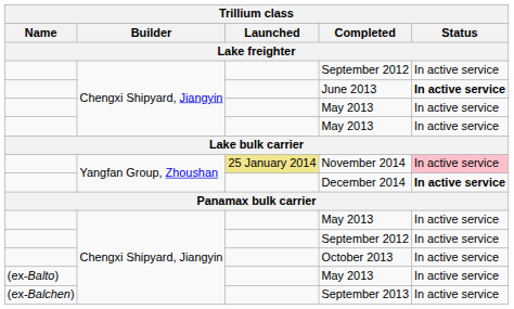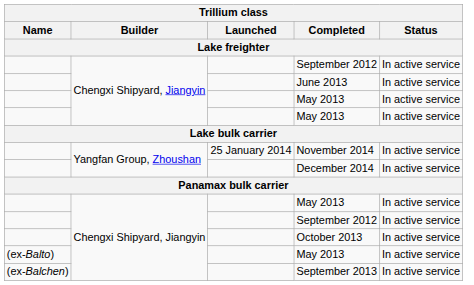 <table border="1" class="wikitable collapsible">
 <tr>
 <th colspan=6>Trillium class</th>
 </tr>
 <tr>
 <th scope="col">Name</th>
 <th scope="col">Builder</th>
 <th scope="col">Launched</th>
 <th scope="col">Completed</th>
 <th scope="col">Status</th>
 </tr>
 <tr>
 <th colspan=6>Lake freighter</th>
 </tr>
 <tr>
 <td></td>
 <td rowspan=4>Chengxi Shipyard, <a href='#'>Jiangyin</a></td>
 <td></td>
 <td>September 2012</td>
 <td>In active service</td>
 </tr>
 <tr>
 <td></td>
 <td></td>
 <td>June 2013</td>
-<td><strong>In active service</strong></td>
+<td>In active service</td>
 </tr>
 <tr>
 <td></td>
 <td></td>
 <td>May 2013</td>
 <td>In active service</td>
 </tr>
 <tr>
 <td></td>
 <td></td>
 <td>May 2013</td>
 <td>In active service</td>
 </tr>
 <tr>
 <th colspan=6>Lake bulk carrier</th>
 </tr>
 <tr>
 <td></td>
 <td rowspan=2>Yangfan Group, <a href='#'>Zhoushan</a></td>
-<td style="background: khaki;">25 January 2014</td>
+<td>25 January 2014</td>
 <td>November 2014</td>
-<td style="background: pink;">In active service</td>
+<td>In active service</td>
 </tr>
 <tr>
 <td></td>
 <td></td>
 <td>December 2014</td>
-<td><strong>In active service</strong></td>
+<td>In active service</td>
 </tr>
 <tr>
 <th colspan=6>Panamax bulk carrier</th>
 </tr>
 <tr>
 <td></td>
 <td rowspan=5>Chengxi Shipyard, Jiangyin</td>
 <td></td>
 <td>May 2013</td>
 <td>In active service</td>
 </tr>
 <tr>
 <td></td>
 <td></td>
 <td>September 2012</td>
 <td>In active service</td>
 </tr>
 <tr>
 <td></td>
 <td></td>
 <td>October 2013</td>
 <td>In active service</td>
 </tr>
 <tr>
 <td> (ex-<em>Balto</em>)</td>
 <td></td>
 <td>May 2013</td>
 <td>In active service</td>
 </tr>
 <tr>
 <td> (ex-<em>Balchen</em>)</td>
 <td></td>
 <td>September 2013</td>
 <td>In active service</td>
 </tr>
 </table>
